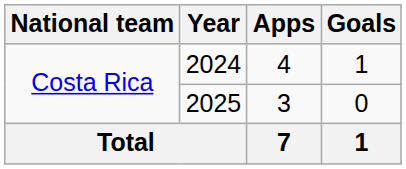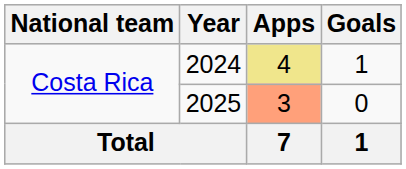 <table class="wikitable" style="text-align:center">
 <tr>
 <th>National team</th>
 <th>Year</th>
 <th>Apps</th>
 <th>Goals</th>
 </tr>
 <tr>
 <td rowspan="2"><a href='#'>Costa Rica</a></td>
 <td>2024</td>
-<td>4</td>
+<td style="background: khaki;">4</td>
 <td>1</td>
 </tr>
 <tr>
 <td>2025</td>
-<td>3</td>
+<td style="background: lightsalmon;">3</td>
 <td>0</td>
 </tr>
 <tr>
 <th colspan="2">Total</th>
 <th>7</th>
 <th>1</th>
 </tr>
 </table>
